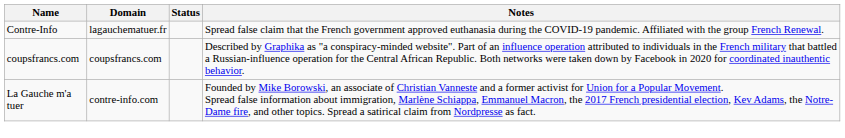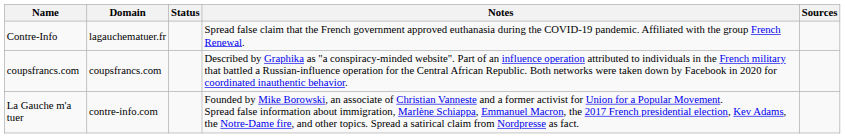 <table class="wikitable sortable mw-collapsible">
 <tr>
 <th>Name</th>
 <th>Domain</th>
 <th>Status</th>
 <th class="sortable">Notes</th>
+<th class="unsortable">Sources</th>
 </tr>
 <tr>
 <td>Contre-Info</td>
 <td>lagauchematuer.fr</td>
 <td></td>
 <td>Spread false claim that the French government approved euthanasia during the COVID-19 pandemic. Affiliated with the group <a href='#'>French Renewal</a>.</td>
+<td></td>
 </tr>
 <tr>
 <td>coupsfrancs.com</td>
 <td>coupsfrancs.com</td>
 <td></td>
 <td>Described by <a href='#'>Graphika</a> as "a conspiracy-minded website". Part of an <a href='#'>influence operation</a> attributed to individuals in the <a href='#'>French military</a> that battled a Russian-influence operation for the Central African Republic. Both networks were taken down by Facebook in 2020 for <a href='#'>coordinated inauthentic behavior</a>.</td>
+<td></td>
 </tr>
 <tr>
 <td>La Gauche m'a tuer</td>
 <td>contre-info.com</td>
 <td></td>
 <td>Founded by <a href='#'>Mike Borowski</a>, an associate of <a href='#'>Christian Vanneste</a> and a former activist for <a href='#'>Union for a Popular Movement</a>.<br>Spread false information about immigration, <a href='#'>Marlène Schiappa</a>, <a href='#'>Emmanuel Macron</a>, the <a href='#'>2017 French presidential election</a>, <a href='#'>Kev Adams</a>, the <a href='#'>Notre-Dame fire</a>, and other topics. Spread a satirical claim from <a href='#'>Nordpresse</a> as fact.</td>
+<td></td>
 </tr>
 </table>
